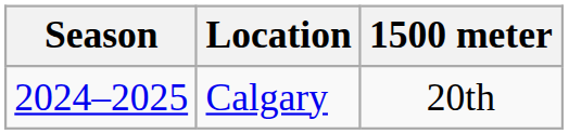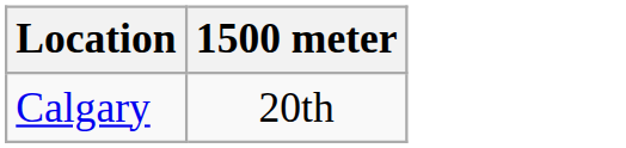 <table class="wikitable" style="display: inline-table;">
 <tr>
-<th>Season</th>
 <th>Location</th>
 <th colspan="1">1500 meter</th>
 </tr>
 <tr style="text-align:center">
-<td><a href='#'>2024–2025</a></td>
 <td align=left> <a href='#'>Calgary</a></td>
 <td>20th</td>
 </tr>
 </table>
